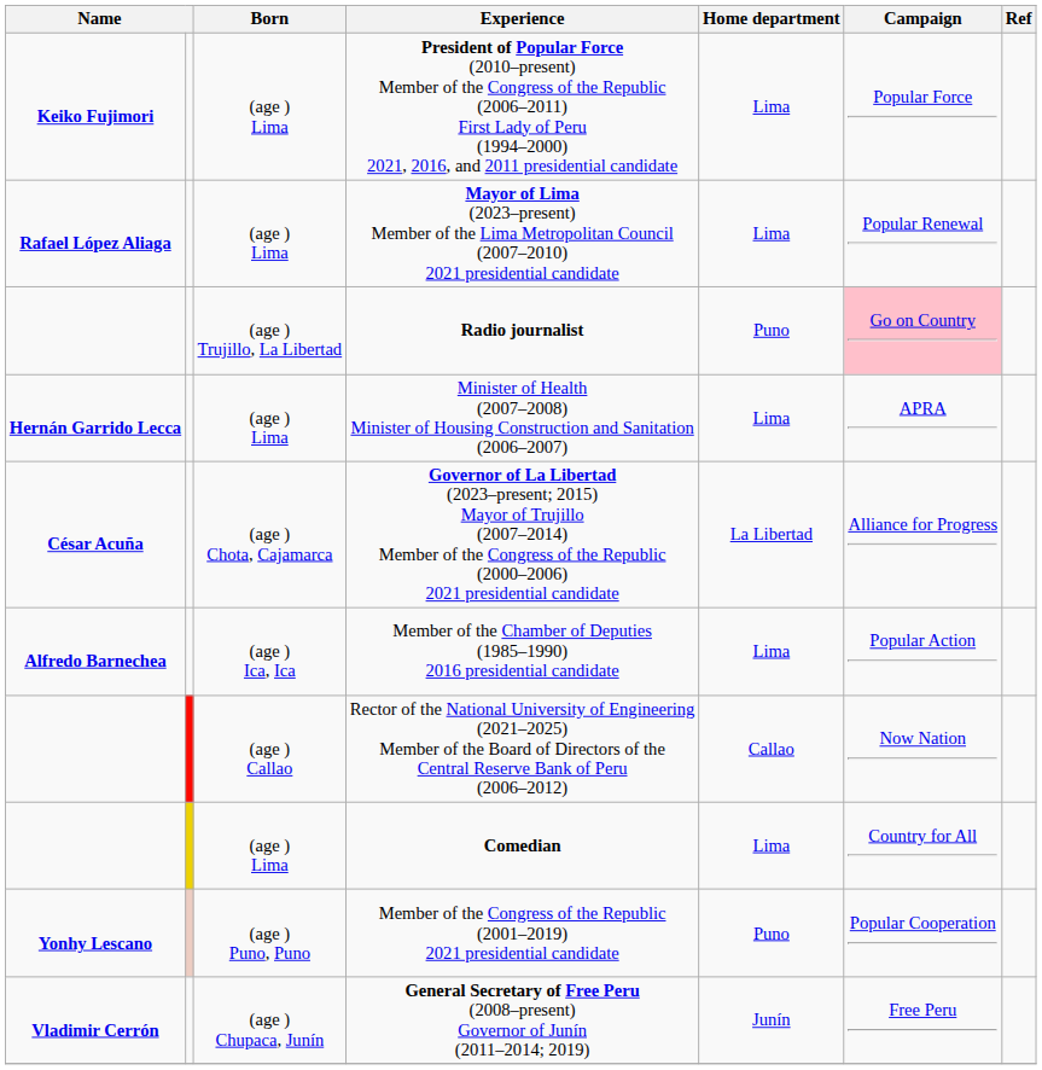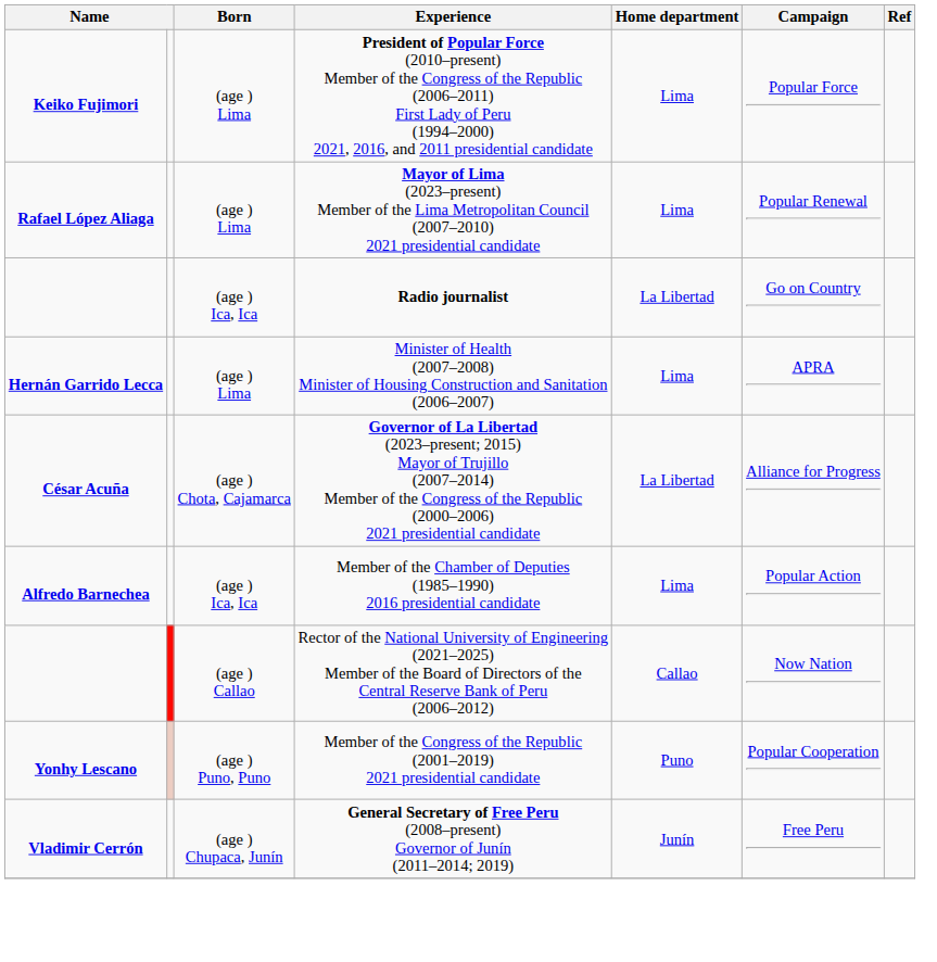 <table class="wikitable sortable" style="text-align:center;">
 <tr>
 <th scope="col" colspan=2>Name</th>
 <th>Born</th>
 <th class="unsortable">Experience</th>
 <th>Home department</th>
 <th>Campaign</th>
 <th>Ref</th>
 </tr>
 <tr>
 <td data-sort-value="Fujimori, Keiko"><br><strong><a href='#'>Keiko Fujimori</a></strong></td>
 <td style="background:"></td>
 <td><br>(age )<br><a href='#'>Lima</a></td>
 <td><strong>President of <a href='#'>Popular Force</a></strong><br>(2010–present)<br>Member of the <a href='#'>Congress of the Republic</a><br>(2006–2011)<br><a href='#'>First Lady of Peru</a><br>(1994–2000)<br><a href='#'>2021</a>, <a href='#'>2016</a>, and <a href='#'>2011 presidential candidate</a></td>
 <td><a href='#'>Lima</a></td>
 <td><br><a href='#'>Popular Force</a><hr><br></td>
 <td></td>
 </tr>
 <tr>
 <td data-sort-value="López Aliaga, Rafael"><br><strong><a href='#'>Rafael López Aliaga</a></strong></td>
 <td style="background:"></td>
 <td><br>(age )<br><a href='#'>Lima</a></td>
 <td><strong><a href='#'>Mayor of Lima</a></strong><br>(2023–present)<br>Member of the <a href='#'>Lima Metropolitan Council</a><br>(2007–2010)<br><a href='#'>2021 presidential candidate</a></td>
 <td><a href='#'>Lima</a></td>
 <td><br><a href='#'>Popular Renewal</a><hr><br></td>
 <td></td>
 </tr>
 <tr>
 <td data-sort-value="Phillip Butters"><br><strong></strong></td>
 <td style="background:"></td>
-<td><br>(age )<br><a href='#'>Trujillo</a>, <a href='#'>La Libertad</a></td>
+<td><br>(age )<br><a href='#'>Ica</a>, <a href='#'>Ica</a></td>
 <td><strong>Radio journalist</strong></td>
-<td><a href='#'>Puno</a></td>
-<td style="background: pink;"><br><a href='#'>Go on Country</a><hr><br></td>
+<td><a href='#'>La Libertad</a></td>
+<td><br><a href='#'>Go on Country</a><hr><br></td>
 <td></td>
 </tr>
 <tr>
 <td data-sort-value="Garrido Lecca, Hernán"><br><strong><a href='#'>Hernán Garrido Lecca</a></strong></td>
 <td style="background:"></td>
 <td><br>(age )<br><a href='#'>Lima</a></td>
 <td><a href='#'>Minister of Health</a><br>(2007–2008)<br><a href='#'>Minister of Housing Construction and Sanitation</a><br>(2006–2007)</td>
 <td><a href='#'>Lima</a></td>
 <td><br><a href='#'>APRA</a><hr><br></td>
 <td></td>
 </tr>
 <tr>
 <td data-sort-value="Acuña, César"><br><strong><a href='#'>César Acuña</a></strong></td>
 <td style="background:"></td>
 <td><br>(age )<br><a href='#'>Chota</a>, <a href='#'>Cajamarca</a></td>
 <td><strong><a href='#'>Governor of La Libertad</a></strong><br>(2023–present; 2015)<br><a href='#'>Mayor of Trujillo</a><br>(2007–2014)<br>Member of the <a href='#'>Congress of the Republic</a><br>(2000–2006)<br><a href='#'>2021 presidential candidate</a></td>
 <td><a href='#'>La Libertad</a></td>
 <td><br><a href='#'>Alliance for Progress</a><hr><br></td>
 <td></td>
 </tr>
 <tr>
 <td data-sort-value="Barnechea, Alfredo"><br><strong><a href='#'>Alfredo Barnechea</a></strong></td>
 <td style="background:"></td>
 <td><br>(age )<br><a href='#'>Ica</a>, <a href='#'>Ica</a></td>
 <td>Member of the <a href='#'>Chamber of Deputies</a><br>(1985–1990)<br><a href='#'>2016 presidential candidate</a></td>
 <td><a href='#'>Lima</a></td>
 <td><br><a href='#'>Popular Action</a><hr><br></td>
 <td></td>
 </tr>
 <tr>
 <td data-sort-value="López Chau, Alfonso"><br><strong></strong></td>
 <td style="background:#FF0800;"></td>
 <td><br>(age )<br><a href='#'>Callao</a></td>
 <td>Rector of the <a href='#'>National University of Engineering</a><br>(2021–2025)<br>Member of the Board of Directors of the<br><a href='#'>Central Reserve Bank of Peru</a><br>(2006–2012)</td>
 <td><a href='#'>Callao</a></td>
 <td><br><a href='#'>Now Nation</a><hr><br></td>
 <td></td>
 </tr>
 <tr>
-<td data-sort-value="Álvarez, Carlos"><br><strong></strong></td>
-<td style="background:#EED202;"></td>
-<td><br>(age )<br><a href='#'>Lima</a></td>
-<td><strong>Comedian</strong></td>
-<td><a href='#'>Lima</a></td>
-<td><br><a href='#'>Country for All</a><hr><br></td>
-<td></td>
-</tr>
-<tr>
 <td data-sort-value="Lescano, Yonhy"><br><strong><a href='#'>Yonhy Lescano</a></strong></td>
 <td style="background:#EDCDC2;"></td>
 <td><br>(age )<br><a href='#'>Puno</a>, <a href='#'>Puno</a></td>
 <td>Member of the <a href='#'>Congress of the Republic</a><br>(2001–2019)<br><a href='#'>2021 presidential candidate</a></td>
 <td><a href='#'>Puno</a></td>
 <td><br><a href='#'>Popular Cooperation</a><hr><br></td>
 <td></td>
 </tr>
 <tr>
 <td data-sort-value="Cerrón, Vladimir"><br><strong><a href='#'>Vladimir Cerrón</a></strong></td>
 <td style="background:"></td>
 <td><br>(age )<br><a href='#'>Chupaca</a>, <a href='#'>Junín</a></td>
 <td><strong>General Secretary of <a href='#'>Free Peru</a></strong><br>(2008–present)<br><a href='#'>Governor of Junín</a><br>(2011–2014; 2019)</td>
 <td><a href='#'>Junín</a></td>
 <td><br><a href='#'>Free Peru</a><hr><br></td>
 <td></td>
 </tr>
 <tr>
 </tr>
 </table>
